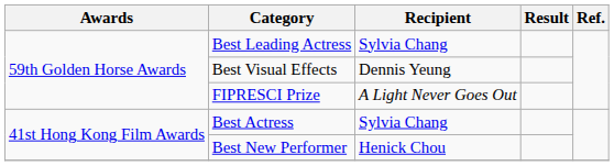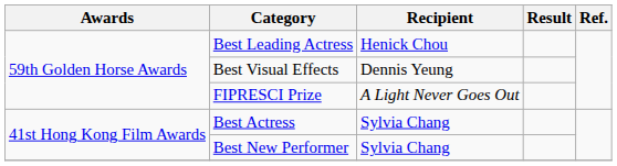 <table class="wikitable">
 <tr>
 <th>Awards</th>
 <th>Category</th>
 <th>Recipient</th>
 <th>Result</th>
 <th>Ref.</th>
 </tr>
 <tr>
 <td rowspan=3><a href='#'>59th Golden Horse Awards</a></td>
 <td><a href='#'>Best Leading Actress</a></td>
-<td><a href='#'>Sylvia Chang</a></td>
+<td><a href='#'>Henick Chou</a></td>
 <td></td>
 <td rowspan=3></td>
 </tr>
 <tr>
 <td>Best Visual Effects</td>
 <td>Dennis Yeung</td>
 <td></td>
 </tr>
 <tr>
 <td><a href='#'>FIPRESCI Prize</a></td>
 <td><em>A Light Never Goes Out</em></td>
 <td></td>
 </tr>
 <tr>
 <td rowspan=2><a href='#'>41st Hong Kong Film Awards</a></td>
 <td><a href='#'>Best Actress</a></td>
 <td><a href='#'>Sylvia Chang</a></td>
 <td></td>
 <td align="center" rowspan=2></td>
 </tr>
 <tr>
 <td><a href='#'>Best New Performer</a></td>
-<td><a href='#'>Henick Chou</a></td>
+<td><a href='#'>Sylvia Chang</a></td>
 <td></td>
 </tr>
 <tr>
 </tr>
 </table>
